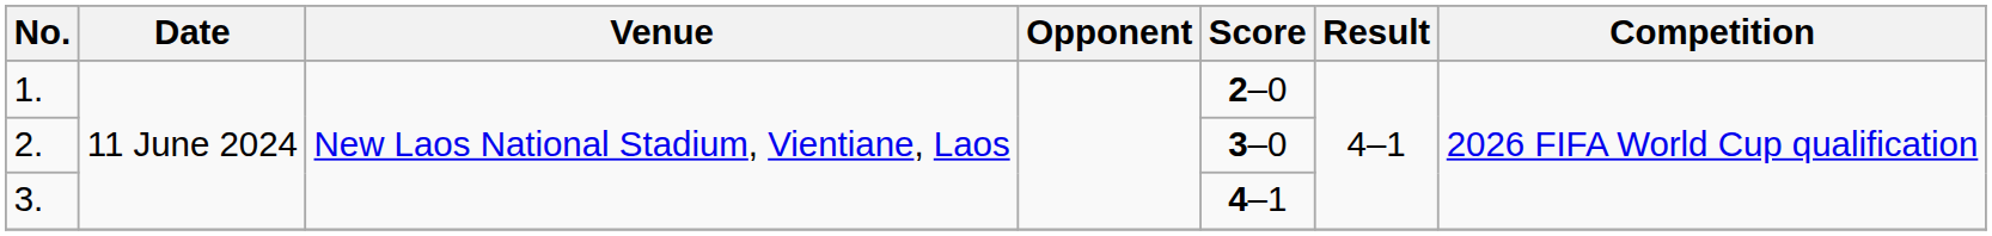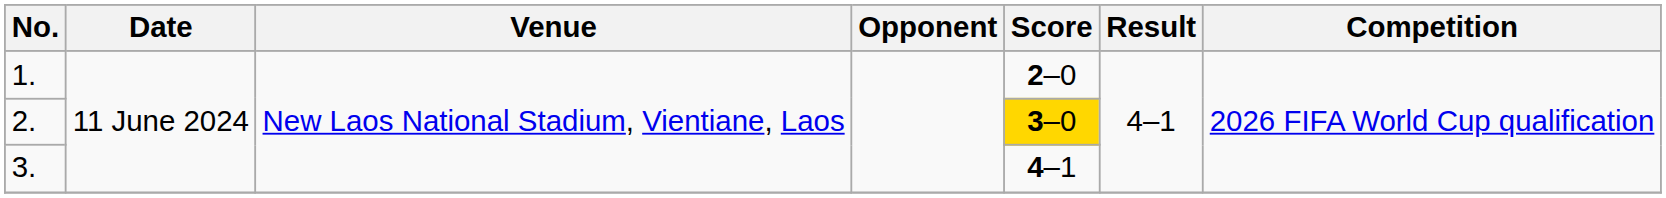 <table class="wikitable">
 <tr>
 <th>No.</th>
 <th>Date</th>
 <th>Venue</th>
 <th>Opponent</th>
 <th>Score</th>
 <th>Result</th>
 <th>Competition</th>
 </tr>
 <tr>
 <td>1.</td>
 <td rowspan=3>11 June 2024</td>
 <td rowspan=3><a href='#'>New Laos National Stadium</a>, <a href='#'>Vientiane</a>, <a href='#'>Laos</a></td>
 <td rowspan=3></td>
 <td align=center><strong>2</strong>–0</td>
 <td rowspan=3 align=center>4–1</td>
 <td rowspan=3><a href='#'>2026 FIFA World Cup qualification</a></td>
 </tr>
 <tr>
 <td>2.</td>
-<td align=center><strong>3</strong>–0</td>
+<td align=center style="background: gold;"><strong>3</strong>–0</td>
 </tr>
 <tr>
 <td>3.</td>
 <td align=center><strong>4</strong>–1</td>
 </tr>
 <tr>
 </tr>
 </table>
